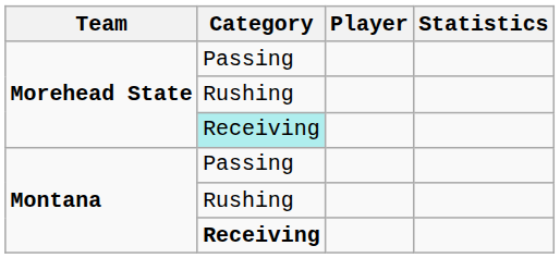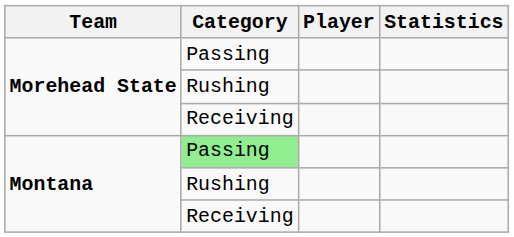 <table class="wikitable" style="float: right;">
 <tr>
 <th>Team</th>
 <th>Category</th>
 <th>Player</th>
 <th>Statistics</th>
 </tr>
 <tr>
 <td rowspan=3><strong>Morehead State</strong></td>
 <td>Passing</td>
 <td></td>
 <td></td>
 </tr>
 <tr>
 <td>Rushing</td>
 <td></td>
 <td></td>
 </tr>
 <tr>
-<td style="background: paleturquoise;">Receiving</td>
+<td>Receiving</td>
 <td></td>
 <td></td>
 </tr>
 <tr>
 <td rowspan=3><strong>Montana</strong></td>
-<td>Passing</td>
+<td style="background: lightgreen;">Passing</td>
 <td></td>
 <td></td>
 </tr>
 <tr>
 <td>Rushing</td>
 <td></td>
 <td></td>
 </tr>
 <tr>
-<td><strong>Receiving</strong></td>
+<td>Receiving</td>
 <td></td>
 <td></td>
 </tr>
 </table>
